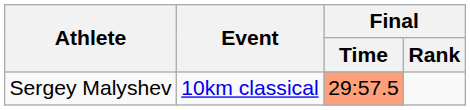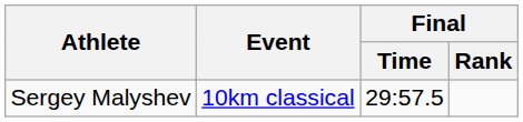 <table class="wikitable">
 <tr>
 <th rowspan="2">Athlete</th>
 <th rowspan="2">Event</th>
 <th colspan="2">Final</th>
 </tr>
 <tr>
 <th>Time</th>
 <th>Rank</th>
 </tr>
 <tr>
 <td rowspan="1">Sergey Malyshev</td>
 <td><a href='#'>10km classical</a></td>
-<td align="center" style="background: lightsalmon;">29:57.5</td>
+<td align="center">29:57.5</td>
 <td align="center"></td>
 </tr>
 </table>
